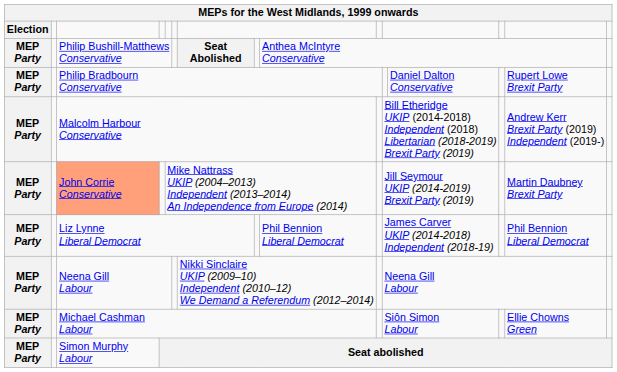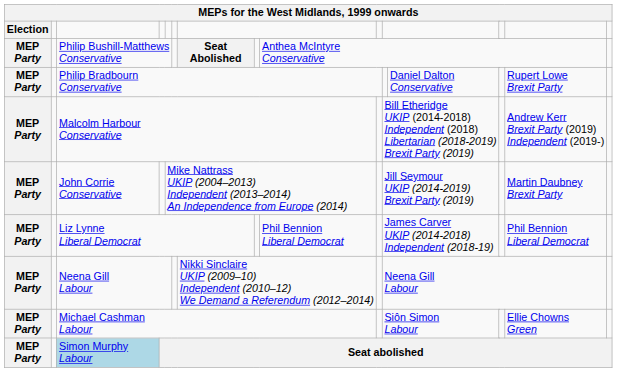 <table class="wikitable">
 <tr>
 <th colspan = 17>MEPs for the West Midlands, 1999 onwards</th>
 </tr>
 <tr>
 <th>Election</th>
 <td style="width:1px;"></td>
 <td></td>
 <td style="width:1px;"></td>
 <td></td>
 <td style="width:1px;"></td>
 <td colspan = 3></td>
 <td style="width:1px;"></td>
 <td colspan = 4></td>
 <td style="width:1px;"></td>
 <td></td>
 <td style="width:1px;"></td>
 </tr>
 <tr>
 <th>MEP<br><em>Party</em></th>
 <td width=1px style="background-color: "></td>
 <td colspan = 3><a href='#'>Philip Bushill-Matthews</a><br><em><a href='#'>Conservative</a></em></td>
 <td width=1px style="background-color: "></td>
 <th>Seat<br>Abolished</th>
 <td width=1px style="background-color: "></td>
 <td colspan = 8><a href='#'>Anthea McIntyre</a><br><em><a href='#'>Conservative</a></em></td>
 <td width=1px style="background-color: "></td>
 </tr>
 <tr>
 <th>MEP<br><em>Party</em></th>
 <td width=1px style="background-color: "></td>
 <td colspan = 8><a href='#'>Philip Bradbourn</a><br><em><a href='#'>Conservative</a></em></td>
 <td width=1px style="background-color: "></td>
 <td colspan = 3><a href='#'>Daniel Dalton</a><br><em><a href='#'>Conservative</a></em></td>
 <td width=1px style="background-color: "></td>
 <td><a href='#'>Rupert Lowe</a><br><em><a href='#'>Brexit Party</a></em></td>
 <td width=1px style="background-color: "></td>
 </tr>
 <tr>
 <th>MEP<br><em>Party</em></th>
 <td width=1px style="background-color: "></td>
 <td colspan = 7><a href='#'>Malcolm Harbour</a><br><em><a href='#'>Conservative</a></em></td>
 <td width=1px style="background-color: "></td>
 <td colspan = 4><a href='#'>Bill Etheridge</a><br><em><a href='#'>UKIP</a></em> (2014-2018)<br><em><a href='#'>Independent</a></em> (2018)<br><em><a href='#'>Libertarian</a> (2018-2019)<br><a href='#'>Brexit Party</a> (2019)</em></td>
 <td width=1px style="background-color: "></td>
 <td><a href='#'>Andrew Kerr</a><br><em><a href='#'>Brexit Party</a></em> (2019)<br><em><a href='#'>Independent</a></em> (2019-)</td>
 <td width=1px style="background-color: "></td>
 </tr>
 <tr>
 <th>MEP<br><em>Party</em></th>
 <td width=1px style="background-color: "></td>
-<td style="background: lightsalmon;"><a href='#'>John Corrie</a><br><em><a href='#'>Conservative</a></em></td>
+<td><a href='#'>John Corrie</a><br><em><a href='#'>Conservative</a></em></td>
 <td width=1px style="background-color: "></td>
 <td colspan = 5><a href='#'>Mike Nattrass</a><br><em><a href='#'>UKIP</a> (2004–2013)</em><br><em><a href='#'>Independent</a> (2013–2014)</em><br><em><a href='#'>An Independence from Europe</a> (2014)</em></td>
 <td width=1px style="background-color: "></td>
 <td colspan = 4><a href='#'>Jill Seymour</a><br><em><a href='#'>UKIP</a> (2014-2019)<br><a href='#'>Brexit Party</a> (2019)</em></td>
 <td width=1px style="background-color: "></td>
 <td><a href='#'>Martin Daubney</a><br><em><a href='#'>Brexit Party</a></em></td>
 <td width=1px style="background-color: "></td>
 </tr>
 <tr>
 <th>MEP<br><em>Party</em></th>
 <td width=1px style="background-color: "></td>
 <td colspan = 5><a href='#'>Liz Lynne</a><br><em><a href='#'>Liberal Democrat</a></em></td>
 <td width=1px style="background-color: "></td>
 <td><a href='#'>Phil Bennion</a><br><em><a href='#'>Liberal Democrat</a></em></td>
 <td width=1px style="background-color: "></td>
 <td colspan = 4><a href='#'>James Carver</a><br><em><a href='#'>UKIP</a> (2014-2018)<br><a href='#'>Independent</a> (2018-19)</em></td>
 <td width=1px style="background-color: "></td>
 <td><a href='#'>Phil Bennion</a><br><em><a href='#'>Liberal Democrat</a></em></td>
 <td width=1px style="background-color: "></td>
 </tr>
 <tr>
 <th>MEP<br><em>Party</em></th>
 <td width=1px style="background-color: "></td>
 <td colspan = 3><a href='#'>Neena Gill</a><br><em><a href='#'>Labour</a></em></td>
 <td width=1px style="background-color: "></td>
 <td colspan = 3><a href='#'>Nikki Sinclaire</a><br><em><a href='#'>UKIP</a> (2009–10)</em><br><em><a href='#'>Independent</a> (2010–12)</em><br><em><a href='#'>We Demand a Referendum</a> (2012–2014)</em></td>
 <td width=1px style="background-color: "></td>
 <td colspan = 6><a href='#'>Neena Gill</a><br><em><a href='#'>Labour</a></em></td>
 <td width=1px style="background-color: "></td>
 </tr>
 <tr>
 <th>MEP<br><em>Party</em></th>
 <td width=1px style="background-color: "></td>
 <td colspan = 7><a href='#'>Michael Cashman</a><br><em><a href='#'>Labour</a></em></td>
 <td width=1px style="background-color: "></td>
 <td colspan = 4><a href='#'>Siôn Simon</a><br><em><a href='#'>Labour</a></em></td>
 <td width=1px style="background-color: "></td>
 <td><a href='#'>Ellie Chowns</a><br><em><a href='#'>Green</a></em></td>
 <td width=1px style="background-color: "></td>
 </tr>
 <tr>
 <th>MEP<br><em>Party</em></th>
 <td width=1px style="background-color: "></td>
-<td><a href='#'>Simon Murphy</a><br><em><a href='#'>Labour</a></em></td>
+<td style="background: lightblue;"><a href='#'>Simon Murphy</a><br><em><a href='#'>Labour</a></em></td>
 <th colspan = 14>Seat abolished</th>
 </tr>
 </table>
